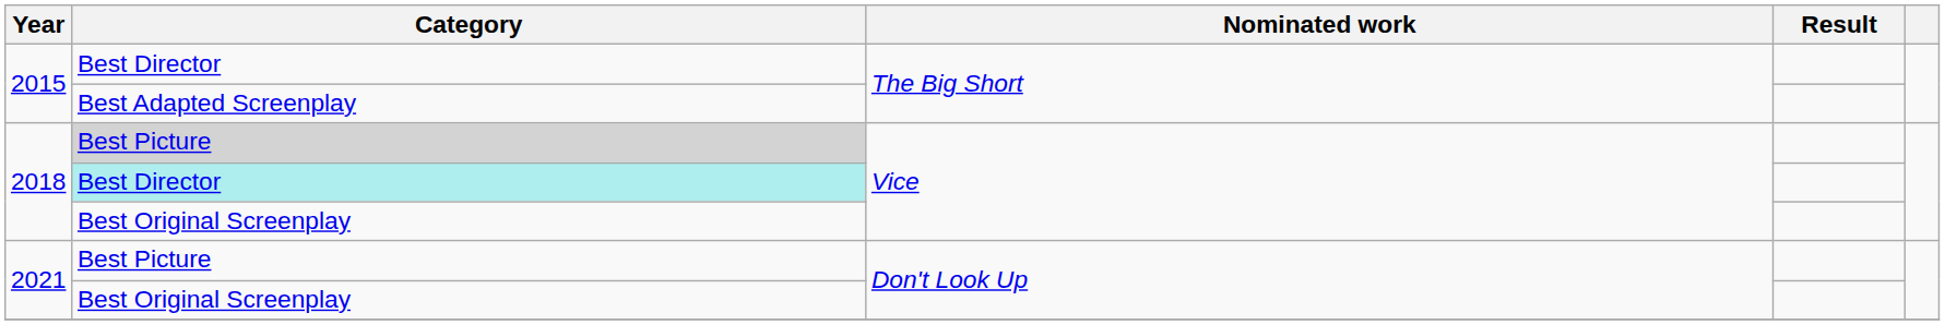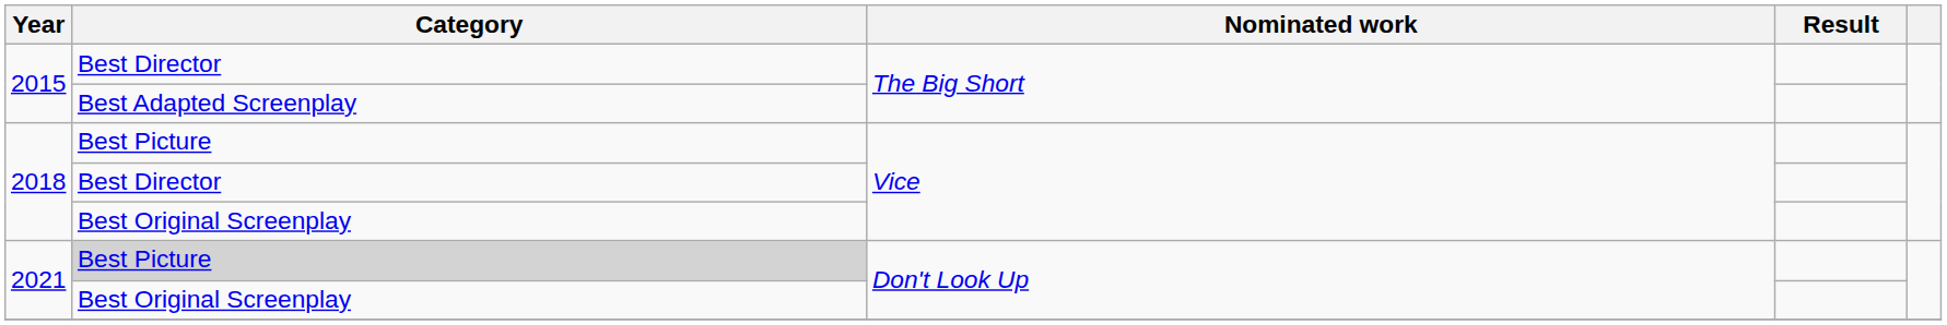 <table class=wikitable>
 <tr>
 <th scope="col" style="width:1em;">Year</th>
 <th scope="col" style="width:34em;">Category</th>
 <th scope="col" style="width:39em;">Nominated work</th>
 <th scope="col" style="width:5em;">Result</th>
 <th scope="col" style="width:1em;"></th>
 </tr>
 <tr>
 <td rowspan="2"><a href='#'>2015</a></td>
 <td><a href='#'>Best Director</a></td>
 <td rowspan="2"><em><a href='#'>The Big Short</a></em></td>
 <td></td>
 <td rowspan="2"></td>
 </tr>
 <tr>
 <td><a href='#'>Best Adapted Screenplay</a></td>
 <td></td>
 </tr>
 <tr>
 <td rowspan="3"><a href='#'>2018</a></td>
-<td style="background: lightgrey;"><a href='#'>Best Picture</a></td>
+<td><a href='#'>Best Picture</a></td>
 <td rowspan="3"><em><a href='#'>Vice</a></em></td>
 <td></td>
 <td rowspan="3"></td>
 </tr>
 <tr>
-<td style="background: paleturquoise;"><a href='#'>Best Director</a></td>
+<td><a href='#'>Best Director</a></td>
 <td></td>
 </tr>
 <tr>
 <td><a href='#'>Best Original Screenplay</a></td>
 <td></td>
 </tr>
 <tr>
 <td rowspan="2"><a href='#'>2021</a></td>
-<td><a href='#'>Best Picture</a></td>
+<td style="background: lightgrey;"><a href='#'>Best Picture</a></td>
 <td rowspan="2"><em><a href='#'>Don't Look Up</a></em></td>
 <td></td>
 <td rowspan="2"></td>
 </tr>
 <tr>
 <td><a href='#'>Best Original Screenplay</a></td>
 <td></td>
 </tr>
 <tr>
 </tr>
 </table>
